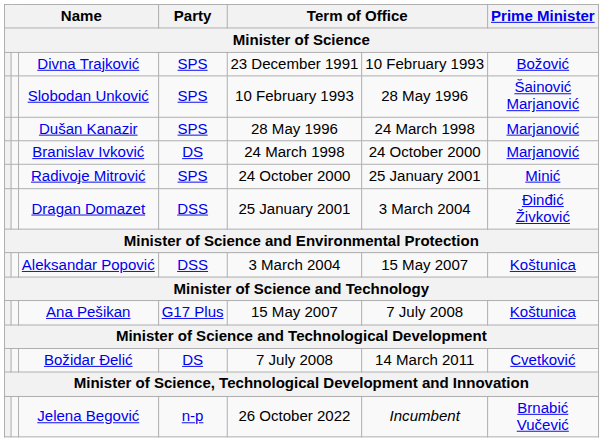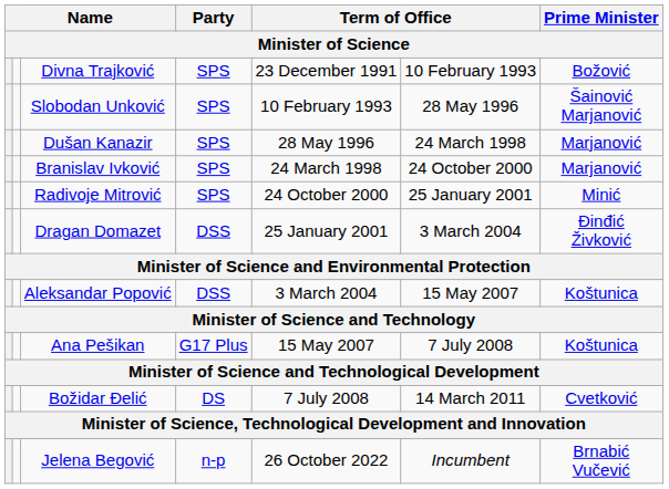 <table class="wikitable" style="text-align:center;">
 <tr>
 <th colspan=3>Name<br></th>
 <th>Party</th>
 <th colspan=2>Term of Office</th>
 <th><a href='#'>Prime Minister</a><br></th>
 </tr>
 <tr>
 <th colspan="7">Minister of Science</th>
 </tr>
 <tr>
 <th style="background:"></th>
 <td></td>
 <td><a href='#'>Divna Trajković</a><br></td>
 <td><a href='#'>SPS</a></td>
 <td>23 December 1991</td>
 <td>10 February 1993</td>
 <td><a href='#'>Božović</a> </td>
 </tr>
 <tr>
 <th style="background:"></th>
 <td></td>
 <td><a href='#'>Slobodan Unković</a><br></td>
 <td><a href='#'>SPS</a></td>
 <td>10 February 1993</td>
 <td>28 May 1996</td>
 <td><a href='#'>Šainović</a> <br><a href='#'>Marjanović</a> </td>
 </tr>
 <tr>
 <th style="background:"></th>
 <td></td>
 <td><a href='#'>Dušan Kanazir</a><br></td>
 <td><a href='#'>SPS</a></td>
 <td>28 May 1996</td>
 <td>24 March 1998</td>
 <td><a href='#'>Marjanović</a> </td>
 </tr>
 <tr>
 <th style="background:"></th>
 <td></td>
 <td><a href='#'>Branislav Ivković</a><br></td>
-<td><a href='#'>DS</a></td>
+<td><a href='#'>SPS</a></td>
 <td>24 March 1998</td>
 <td>24 October 2000</td>
 <td><a href='#'>Marjanović</a> </td>
 </tr>
 <tr>
 <th style="background:"></th>
 <td></td>
 <td><a href='#'>Radivoje Mitrović</a><br></td>
 <td><a href='#'>SPS</a></td>
 <td>24 October 2000</td>
 <td>25 January 2001</td>
 <td><a href='#'>Minić</a> </td>
 </tr>
 <tr>
 <th style="background:"></th>
 <td></td>
 <td><a href='#'>Dragan Domazet</a><br></td>
 <td><a href='#'>DSS</a></td>
 <td>25 January 2001</td>
 <td>3 March 2004</td>
 <td><a href='#'>Đinđić</a> <br><a href='#'>Živković</a> </td>
 </tr>
 <tr>
 <th colspan="7">Minister of Science and Environmental Protection</th>
 </tr>
 <tr>
 <th style="background:"></th>
 <td></td>
 <td><a href='#'>Aleksandar Popović</a><br></td>
 <td><a href='#'>DSS</a></td>
 <td>3 March 2004</td>
 <td>15 May 2007</td>
 <td><a href='#'>Koštunica</a> </td>
 </tr>
 <tr>
 <th colspan="7">Minister of Science and Technology</th>
 </tr>
 <tr>
 <th style="background:"></th>
 <td></td>
 <td><a href='#'>Ana Pešikan</a><br></td>
 <td><a href='#'>G17 Plus</a></td>
 <td>15 May 2007</td>
 <td>7 July 2008</td>
 <td><a href='#'>Koštunica</a> </td>
 </tr>
 <tr>
 <th colspan="7">Minister of Science and Technological Development</th>
 </tr>
 <tr>
 <th style="background:"></th>
 <td></td>
 <td><a href='#'>Božidar Đelić</a><br></td>
 <td><a href='#'>DS</a></td>
 <td>7 July 2008</td>
 <td>14 March 2011</td>
 <td><a href='#'>Cvetković</a> </td>
 </tr>
 <tr>
 <th colspan="7">Minister of Science, Technological Development and Innovation</th>
 </tr>
 <tr>
 <th style="background:"></th>
 <td></td>
 <td><a href='#'>Jelena Begović</a><br></td>
 <td><a href='#'>n-p</a></td>
 <td>26 October 2022</td>
 <td><em>Incumbent</em></td>
 <td><a href='#'>Brnabić</a> <br><a href='#'>Vučević</a> </td>
 </tr>
 </table>
